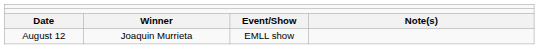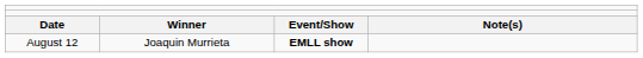 <table class="wikitable" style="text-align:center; width:100%;">
 <tr>
 <td colspan=5></td>
 </tr>
 <tr>
 <td colspan=5><strong></strong></td>
 </tr>
 <tr>
 <th width=14%>Date</th>
 <th width=26%>Winner</th>
 <th width=14%>Event/Show</th>
 <th width=40%>Note(s)</th>
 </tr>
 <tr>
 <td>August 12</td>
 <td>Joaquin Murrieta</td>
-<td>EMLL show</td>
+<td><strong>EMLL show</strong></td>
 <td align=left></td>
 </tr>
 </table>
